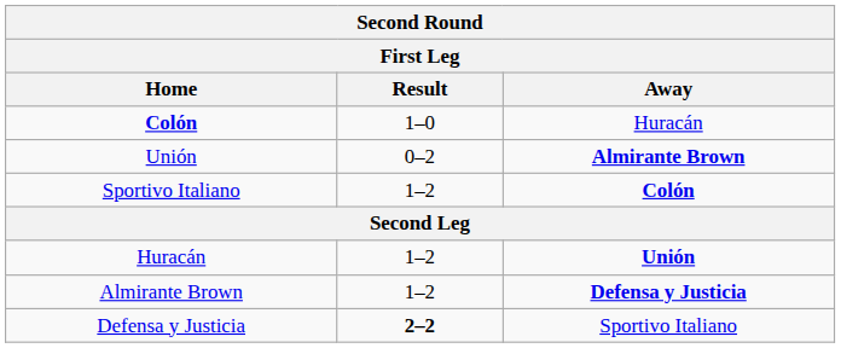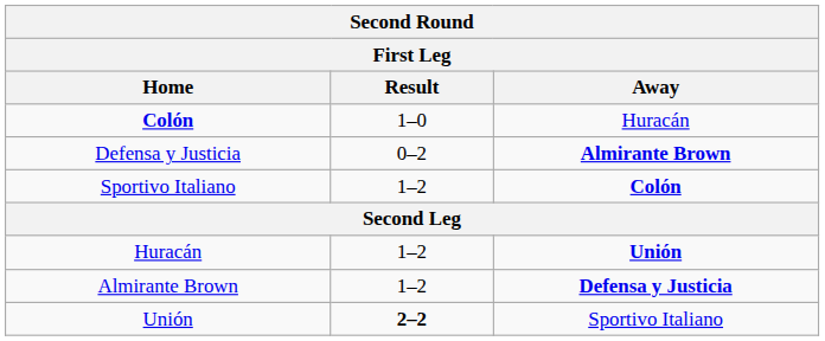 <table align=center class="wikitable collapsible collapsed" style="font-size:95%; text-align: center; width: 70%;">
 <tr>
 <th colspan=100% style="with: 100%;" align=center>Second Round</th>
 </tr>
 <tr>
 <th colspan=100% style="with: 75%;" align=center>First Leg</th>
 </tr>
 <tr>
 <th width=30%>Home</th>
 <th width=15%>Result</th>
 <th width=30%>Away</th>
 </tr>
 <tr align=center>
 <td><strong><a href='#'>Colón</a></strong></td>
 <td>1–0</td>
 <td><a href='#'>Huracán</a></td>
 </tr>
 <tr align=center>
-<td><a href='#'>Unión</a></td>
+<td><a href='#'>Defensa y Justicia</a></td>
 <td>0–2</td>
 <td><strong><a href='#'>Almirante Brown</a></strong></td>
 </tr>
 <tr align=center>
 <td><a href='#'>Sportivo Italiano</a></td>
 <td>1–2</td>
 <td><strong><a href='#'>Colón</a></strong></td>
 </tr>
 <tr>
 <th colspan=100% style="with: 75%;" align=center>Second Leg</th>
 </tr>
 <tr align=center>
 <td><a href='#'>Huracán</a></td>
 <td>1–2</td>
 <td><strong><a href='#'>Unión</a></strong></td>
 </tr>
 <tr align=center>
 <td><a href='#'>Almirante Brown</a></td>
 <td>1–2</td>
 <td><strong><a href='#'>Defensa y Justicia</a></strong></td>
 </tr>
 <tr align=center>
-<td><a href='#'>Defensa y Justicia</a></td>
+<td><a href='#'>Unión</a></td>
 <td><strong>2–2</strong></td>
 <td><a href='#'>Sportivo Italiano</a></td>
 </tr>
 </table>
